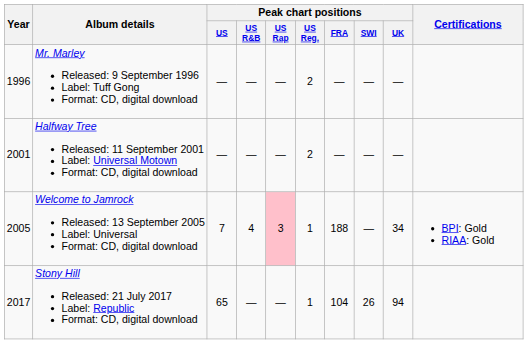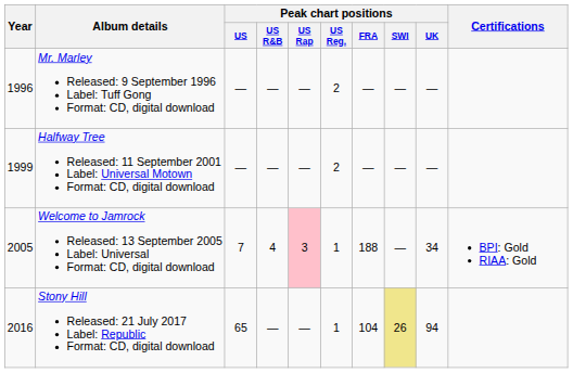 <table class="wikitable">
 <tr>
 <th rowspan="2">Year</th>
 <th rowspan="2">Album details</th>
 <th colspan="7">Peak chart positions</th>
 <th scope="col" rowspan="2" style="width:10em;"><a href='#'>Certifications</a></th>
 </tr>
 <tr>
 <th style="width:3em;font-size:80%;"><a href='#'>US</a></th>
 <th style="width:3em;font-size:80%;"><a href='#'>US<br>R&B</a></th>
 <th style="width:3em;font-size:80%;"><a href='#'>US<br>Rap</a></th>
 <th style="width:3em;font-size:80%;"><a href='#'>US<br>Reg.</a></th>
 <th style="width:3em;font-size:80%;"><a href='#'>FRA</a><br></th>
 <th style="width:3em;font-size:80%;"><a href='#'>SWI</a><br></th>
 <th style="width:3em;font-size:80%;"><a href='#'>UK</a><br></th>
 </tr>
 <tr>
 <td>1996</td>
 <td><em><a href='#'>Mr. Marley</a></em><br><ul><li>Released: 9 September 1996</li><li>Label: Tuff Gong</li><li>Format: CD, digital download</li></ul></td>
 <td style="text-align:center;">—</td>
 <td style="text-align:center;">—</td>
 <td style="text-align:center;">—</td>
 <td style="text-align:center;">2</td>
 <td style="text-align:center;">—</td>
 <td style="text-align:center;">—</td>
 <td style="text-align:center;">—</td>
 <td></td>
 </tr>
 <tr>
-<td>2001</td>
+<td>1999</td>
 <td><em><a href='#'>Halfway Tree</a></em><br><ul><li>Released: 11 September 2001</li><li>Label: <a href='#'>Universal Motown</a></li><li>Format: CD, digital download</li></ul></td>
 <td style="text-align:center;">—</td>
 <td style="text-align:center;">—</td>
 <td style="text-align:center;">—</td>
 <td style="text-align:center;">2</td>
 <td style="text-align:center;">—</td>
 <td style="text-align:center;">—</td>
 <td style="text-align:center;">—</td>
 <td></td>
 </tr>
 <tr>
 <td>2005</td>
 <td><em><a href='#'>Welcome to Jamrock</a></em><br><ul><li>Released: 13 September 2005</li><li>Label: Universal</li><li>Format: CD, digital download</li></ul></td>
 <td style="text-align:center;">7</td>
 <td style="text-align:center;">4</td>
 <td style="background: pink; text-align:center;">3</td>
 <td style="text-align:center;">1</td>
 <td style="text-align:center;">188</td>
 <td style="text-align:center;">—</td>
 <td style="text-align:center;">34</td>
 <td><br><ul><li><a href='#'>BPI</a>: Gold</li><li><a href='#'>RIAA</a>: Gold</li></ul></td>
 </tr>
 <tr>
-<td>2017</td>
+<td>2016</td>
 <td><a href='#'><em>Stony Hill</em></a><br><ul><li>Released: 21 July 2017</li><li>Label: <a href='#'>Republic</a></li><li>Format: CD, digital download</li></ul></td>
 <td style="text-align:center;">65<br></td>
 <td style="text-align:center;">—</td>
 <td style="text-align:center;">—</td>
 <td style="text-align:center;">1<br></td>
 <td style="text-align:center;">104<br></td>
-<td style="text-align:center;">26</td>
+<td style="background: khaki; text-align:center;">26</td>
 <td style="text-align:center;">94</td>
 <td></td>
 </tr>
 </table>
